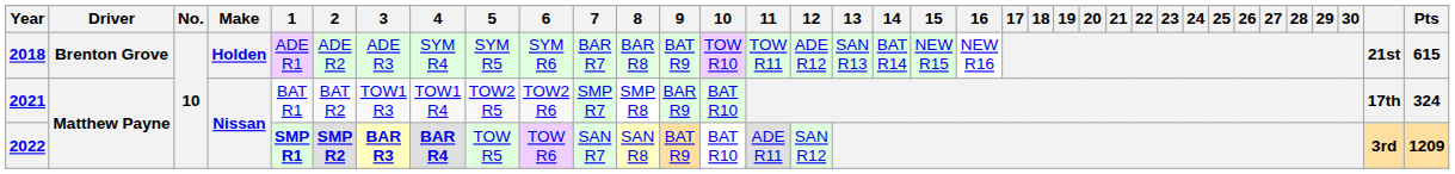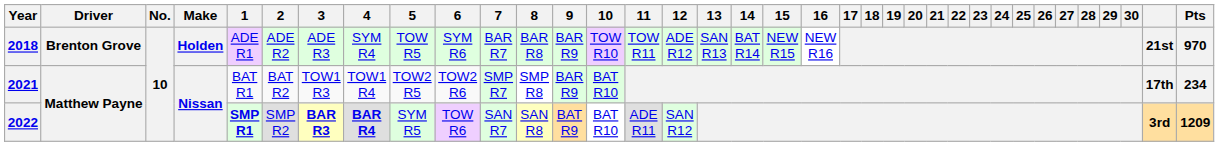 <table class="wikitable mw-collapsible mw-collapsed" style="text-align:center; font-size:75%">
 <tr>
 <th>Year</th>
 <th>Driver</th>
 <th>No.</th>
 <th>Make</th>
 <th>1</th>
 <th>2</th>
 <th>3</th>
 <th>4</th>
 <th>5</th>
 <th>6</th>
 <th>7</th>
 <th>8</th>
 <th>9</th>
 <th>10</th>
 <th>11</th>
 <th>12</th>
 <th>13</th>
 <th>14</th>
 <th>15</th>
 <th>16</th>
 <th>17</th>
 <th>18</th>
 <th>19</th>
 <th>20</th>
 <th>21</th>
 <th>22</th>
 <th>23</th>
 <th>24</th>
 <th>25</th>
 <th>26</th>
 <th>27</th>
 <th>28</th>
 <th>29</th>
 <th>30</th>
 <th></th>
 <th>Pts</th>
 </tr>
 <tr>
 <th><a href='#'>2018</a></th>
 <th>Brenton Grove</th>
 <th rowspan=3>10</th>
 <th><a href='#'>Holden</a></th>
 <td style="background: #efcfff"><a href='#'>ADE<br>R1</a><br></td>
 <td style="background: #dfffdf"><a href='#'>ADE<br>R2</a><br></td>
 <td style="background: #dfffdf"><a href='#'>ADE<br>R3</a><br></td>
 <td style="background: #dfffdf"><a href='#'>SYM<br>R4</a><br></td>
-<td style="background: #dfffdf"><a href='#'>SYM<br>R5</a><br></td>
+<td style="background: #dfffdf"><a href='#'>TOW<br>R5</a><br></td>
 <td style="background: #dfffdf"><a href='#'>SYM<br>R6</a><br></td>
 <td style="background: #dfffdf"><a href='#'>BAR<br>R7</a><br></td>
 <td style="background: #dfffdf"><a href='#'>BAR<br>R8</a><br></td>
-<td style="background: #dfffdf"><a href='#'>BAT<br>R9</a><br></td>
+<td style="background: #dfffdf"><a href='#'>BAR<br>R9</a><br></td>
 <td style="background: #efcfff"><a href='#'>TOW<br>R10</a><br></td>
 <td style="background: #dfffdf"><a href='#'>TOW<br>R11</a><br></td>
 <td style="background: #dfffdf"><a href='#'>ADE<br>R12</a><br></td>
 <td style="background: #dfffdf"><a href='#'>SAN<br>R13</a><br></td>
 <td style="background: #dfffdf"><a href='#'>BAT<br>R14</a><br></td>
 <td style="background: #dfffdf"><a href='#'>NEW<br>R15</a><br></td>
 <td style="background: #ffffff"><a href='#'>NEW<br>R16</a><br></td>
 <th colspan=14></th>
 <th>21st</th>
-<th>615</th>
+<th>970</th>
 </tr>
 <tr>
 <th><a href='#'>2021</a></th>
 <th rowspan=2>Matthew Payne</th>
 <th rowspan=2><a href='#'>Nissan</a></th>
 <td style="background: #"><a href='#'>BAT<br>R1</a><br></td>
 <td style="background: #"><a href='#'>BAT<br>R2</a><br></td>
 <td style="background: #"><a href='#'>TOW1<br>R3</a><br></td>
 <td style="background: #"><a href='#'>TOW1<br>R4</a><br></td>
 <td style="background: #"><a href='#'>TOW2<br>R5</a><br></td>
 <td style="background: #"><a href='#'>TOW2<br>R6</a><br></td>
 <td style="background: #dfffdf"><a href='#'>SMP<br>R7</a><br></td>
 <td style="background: #ffffff"><a href='#'>SMP<br>R8</a><br></td>
 <td style="background: #dfffdf"><a href='#'>BAR<br>R9</a><br></td>
 <td style="background: #dfffdf"><a href='#'>BAT<br>R10</a><br></td>
 <th colspan=20></th>
 <th>17th</th>
-<th>324</th>
+<th>234</th>
 </tr>
 <tr>
 <th><a href='#'>2022</a></th>
 <td style="background: #dfffdf"><strong><a href='#'>SMP<br>R1</a><br></strong></td>
-<td style="background: #dfdfdf"><strong><a href='#'>SMP<br>R2</a><br></strong></td>
+<td style="background: #dfdfdf"><a href='#'>SMP<br>R2</a><br></td>
 <td style="background: #ffffbf"><strong><a href='#'>BAR<br>R3</a><br></strong></td>
 <td style="background: #dfdfdf"><strong><a href='#'>BAR<br>R4</a><br></strong></td>
-<td style="background: #dfffdf"><a href='#'>TOW<br>R5</a><br></td>
+<td style="background: #dfffdf"><a href='#'>SYM<br>R5</a><br></td>
 <td style="background: #efcfff"><a href='#'>TOW<br>R6</a><br></td>
 <td style="background: #dfffdf"><a href='#'>SAN<br>R7</a><br></td>
 <td style="background: #ffffbf"><a href='#'>SAN<br>R8</a><br></td>
 <td style="background: #ffdf9f"><a href='#'>BAT<br>R9</a><br></td>
 <td style="background: #ffffff"><a href='#'>BAT<br>R10</a><br></td>
 <td style="background: #dfdfdf"><a href='#'>ADE<br>R11</a><br></td>
 <td style="background: #dfffdf"><a href='#'>SAN<br>R12</a><br></td>
 <th colspan=18></th>
 <th style="background: #ffdf9f">3rd</th>
 <th style="background: #ffdf9f">1209</th>
 </tr>
 </table>
